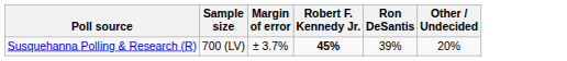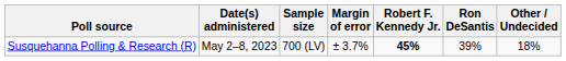 <table class="wikitable sortable mw-datatable" style="font-size:90%;text-align:center;line-height:17px">
 <tr valign=bottom>
 <th>Poll source</th>
+<th>Date(s)<br>administered</th>
 <th>Sample<br>size</th>
 <th>Margin<br>of error</th>
 <th class="unsortable">Robert F.<br>Kennedy Jr.<br></th>
 <th class="unsortable">Ron<br>DeSantis<br></th>
 <th class="unsortable">Other /<br>Undecided</th>
 </tr>
 <tr>
 <td style="text-align:left;"><a href='#'>Susquehanna Polling & Research (R)</a></td>
+<td data-sort-value="2023-05-08">May 2–8, 2023</td>
 <td>700 (LV)</td>
 <td>± 3.7%</td>
 <td style="color:black;background-color:"><strong>45%</strong></td>
 <td>39%</td>
-<td>20%</td>
+<td>18%</td>
 </tr>
 </table>
